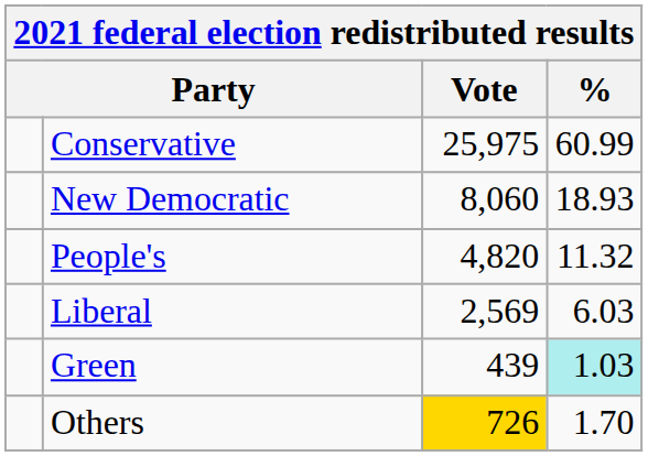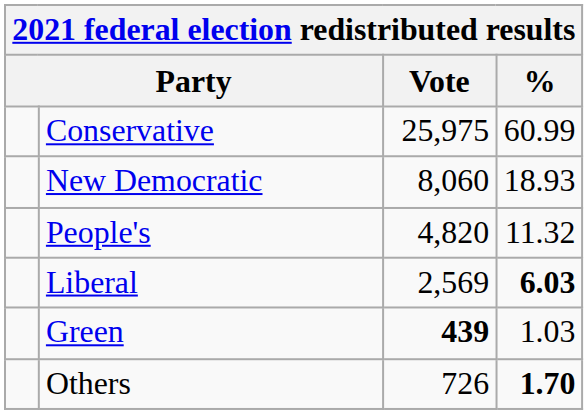 <table class="wikitable">
 <tr>
 <th colspan="4"><a href='#'>2021 federal election</a> redistributed results</th>
 </tr>
 <tr>
 <th bgcolor="#DDDDFF" width="130px" colspan="2">Party</th>
 <th bgcolor="#DDDDFF" width="50px">Vote</th>
 <th bgcolor="#DDDDFF" width="30px">%</th>
 </tr>
 <tr>
 <td> </td>
 <td><a href='#'>Conservative</a></td>
 <td align=right>25,975</td>
 <td align=right>60.99</td>
 </tr>
 <tr>
 <td> </td>
 <td><a href='#'>New Democratic</a></td>
 <td align=right>8,060</td>
 <td align=right>18.93</td>
 </tr>
 <tr>
 <td> </td>
 <td><a href='#'>People's</a></td>
 <td align=right>4,820</td>
 <td align=right>11.32</td>
 </tr>
 <tr>
 <td> </td>
 <td><a href='#'>Liberal</a></td>
 <td align=right>2,569</td>
-<td align=right>6.03</td>
+<td align=right><strong>6.03</strong></td>
 </tr>
 <tr>
 <td> </td>
 <td><a href='#'>Green</a></td>
-<td align=right>439</td>
-<td align=right style="background: paleturquoise;">1.03</td>
+<td align=right><strong>439</strong></td>
+<td align=right>1.03</td>
 </tr>
 <tr>
 <td> </td>
 <td>Others</td>
-<td align=right style="background: gold;">726</td>
-<td align=right>1.70</td>
+<td align=right>726</td>
+<td align=right><strong>1.70</strong></td>
 </tr>
 </table>
